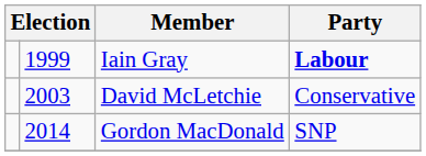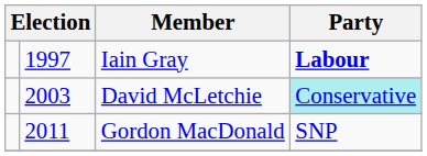 <table class="wikitable">
 <tr>
 <th colspan="2">Election</th>
 <th>Member</th>
 <th>Party</th>
 </tr>
 <tr>
 <td style="background-color: "></td>
-<td><a href='#'>1999</a></td>
+<td><a href='#'>1997</a></td>
 <td><a href='#'>Iain Gray</a></td>
 <td><strong><a href='#'>Labour</a></strong></td>
 </tr>
 <tr>
 <td style="background-color: "></td>
 <td><a href='#'>2003</a></td>
 <td><a href='#'>David McLetchie</a></td>
-<td><a href='#'>Conservative</a></td>
+<td style="background: paleturquoise;"><a href='#'>Conservative</a></td>
 </tr>
 <tr>
 <td style="background-color: "></td>
-<td><a href='#'>2014</a></td>
+<td><a href='#'>2011</a></td>
 <td><a href='#'>Gordon MacDonald</a></td>
 <td><a href='#'>SNP</a></td>
 </tr>
 <tr>
 </tr>
 </table>
